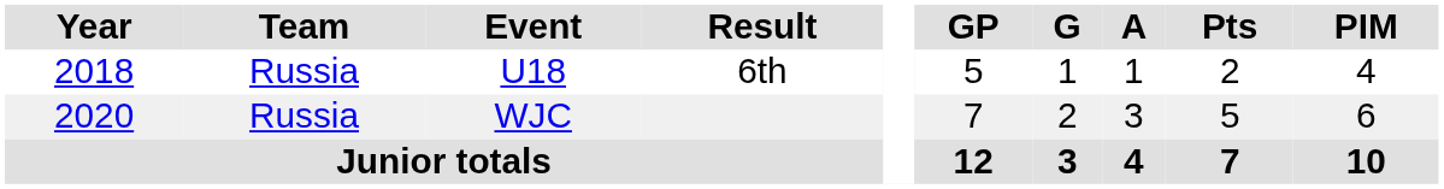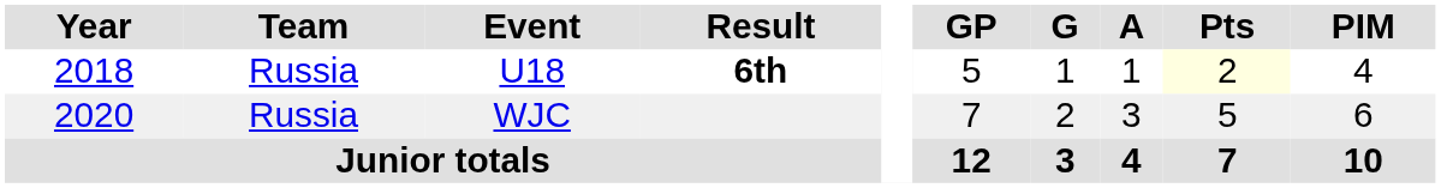 <table border="0" cellpadding="1" cellspacing="0" style="text-align:center; width:40em">
 <tr ALIGN="center" bgcolor="#e0e0e0">
 <th>Year</th>
 <th>Team</th>
 <th>Event</th>
 <th>Result</th>
 <th rowspan="99" bgcolor="#ffffff"> </th>
 <th>GP</th>
 <th>G</th>
 <th>A</th>
 <th>Pts</th>
 <th>PIM</th>
 </tr>
 <tr>
 <td><a href='#'>2018</a></td>
 <td><a href='#'>Russia</a></td>
 <td><a href='#'>U18</a></td>
-<td>6th</td>
+<td><strong>6th</strong></td>
 <td>5</td>
 <td>1</td>
 <td>1</td>
-<td>2</td>
+<td style="background: lightyellow;">2</td>
 <td>4</td>
 </tr>
 <tr bgcolor="#f0f0f0">
 <td><a href='#'>2020</a></td>
 <td><a href='#'>Russia</a></td>
 <td><a href='#'>WJC</a></td>
 <td></td>
 <td>7</td>
 <td>2</td>
 <td>3</td>
 <td>5</td>
 <td>6</td>
 </tr>
 <tr>
 </tr>
 <tr bgcolor="#e0e0e0">
 <th colspan="4">Junior totals</th>
 <th>12</th>
 <th>3</th>
 <th>4</th>
 <th>7</th>
 <th>10</th>
 </tr>
 </table>
